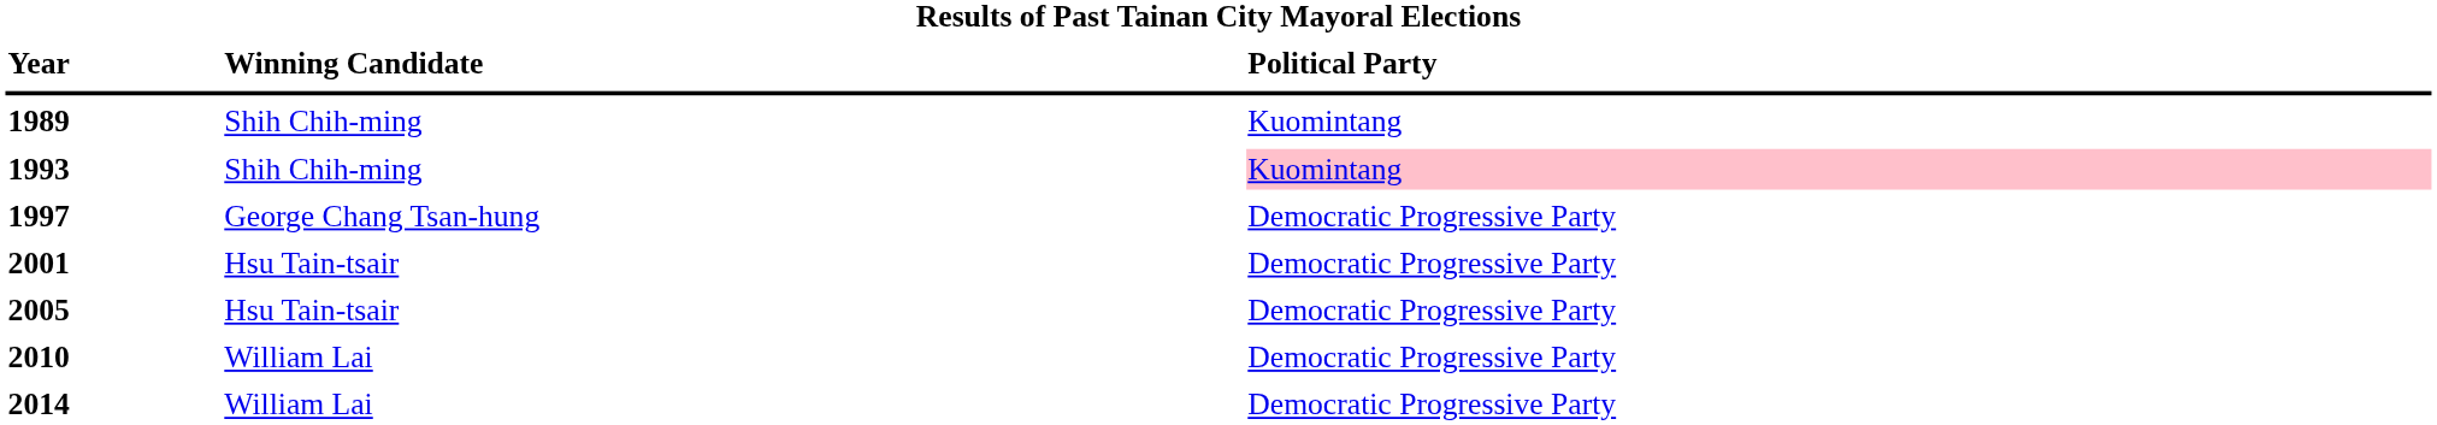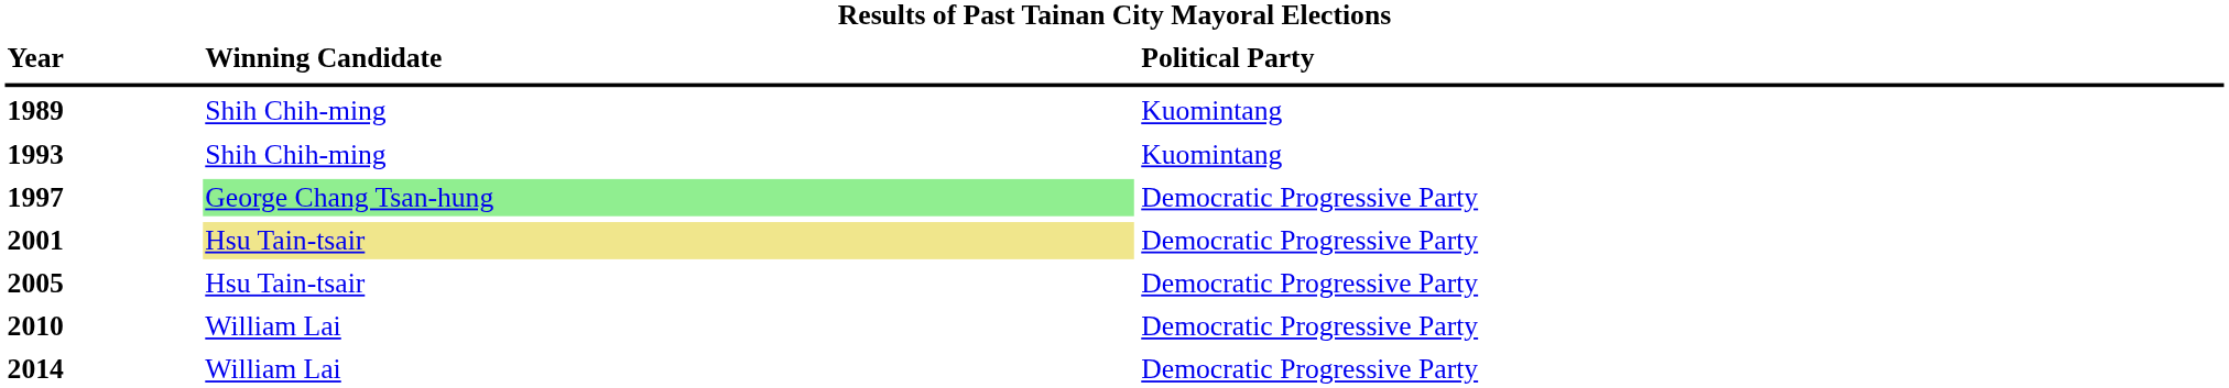 <table id="toc" style="margin:1em auto; width: 90%; font-size: 90%;" cellspacing="3">
 <tr>
 <td colspan="3" align="center"><strong>Results of Past Tainan City Mayoral Elections</strong></td>
 </tr>
 <tr>
 <td><strong>Year</strong></td>
 <td><strong> Winning Candidate</strong></td>
 <td><strong>Political Party</strong></td>
 </tr>
 <tr>
 <th bgcolor="#000000" colspan="7"></th>
 </tr>
 <tr>
 <td><strong>1989</strong></td>
 <td><a href='#'>Shih Chih-ming</a></td>
 <td> <a href='#'>Kuomintang</a></td>
 </tr>
 <tr>
 <td><strong>1993</strong></td>
 <td><a href='#'>Shih Chih-ming</a></td>
-<td style="background: pink;"> <a href='#'>Kuomintang</a></td>
+<td> <a href='#'>Kuomintang</a></td>
 </tr>
 <tr>
 <td><strong>1997</strong></td>
-<td><a href='#'>George Chang Tsan-hung</a></td>
+<td style="background: lightgreen;"><a href='#'>George Chang Tsan-hung</a></td>
 <td> <a href='#'>Democratic Progressive Party</a></td>
 </tr>
 <tr>
 <td><strong>2001</strong></td>
-<td><a href='#'>Hsu Tain-tsair</a></td>
+<td style="background: khaki;"><a href='#'>Hsu Tain-tsair</a></td>
 <td> <a href='#'>Democratic Progressive Party</a></td>
 </tr>
 <tr>
 <td><strong>2005</strong></td>
 <td><a href='#'>Hsu Tain-tsair</a></td>
 <td> <a href='#'>Democratic Progressive Party</a></td>
 </tr>
 <tr>
 <td><strong>2010</strong></td>
 <td><a href='#'>William Lai</a></td>
 <td> <a href='#'>Democratic Progressive Party</a></td>
 </tr>
 <tr>
 <td><strong>2014</strong></td>
 <td><a href='#'>William Lai</a></td>
 <td> <a href='#'>Democratic Progressive Party</a></td>
 </tr>
 </table>
